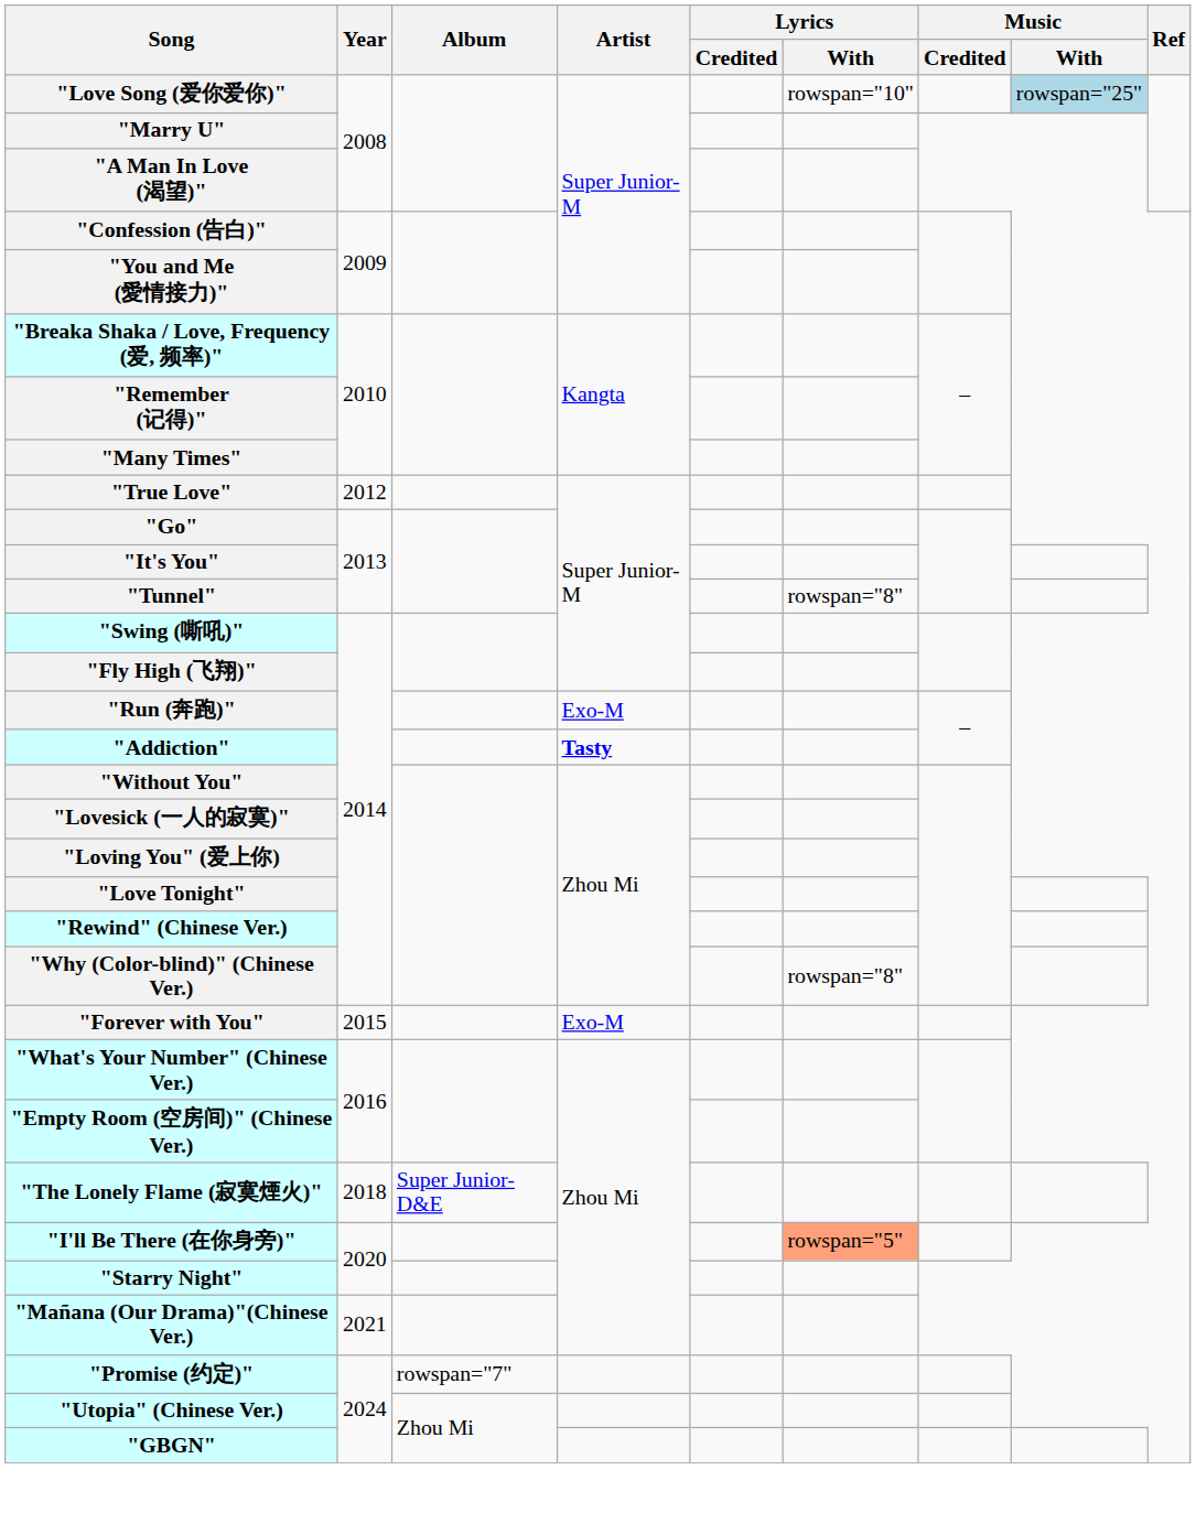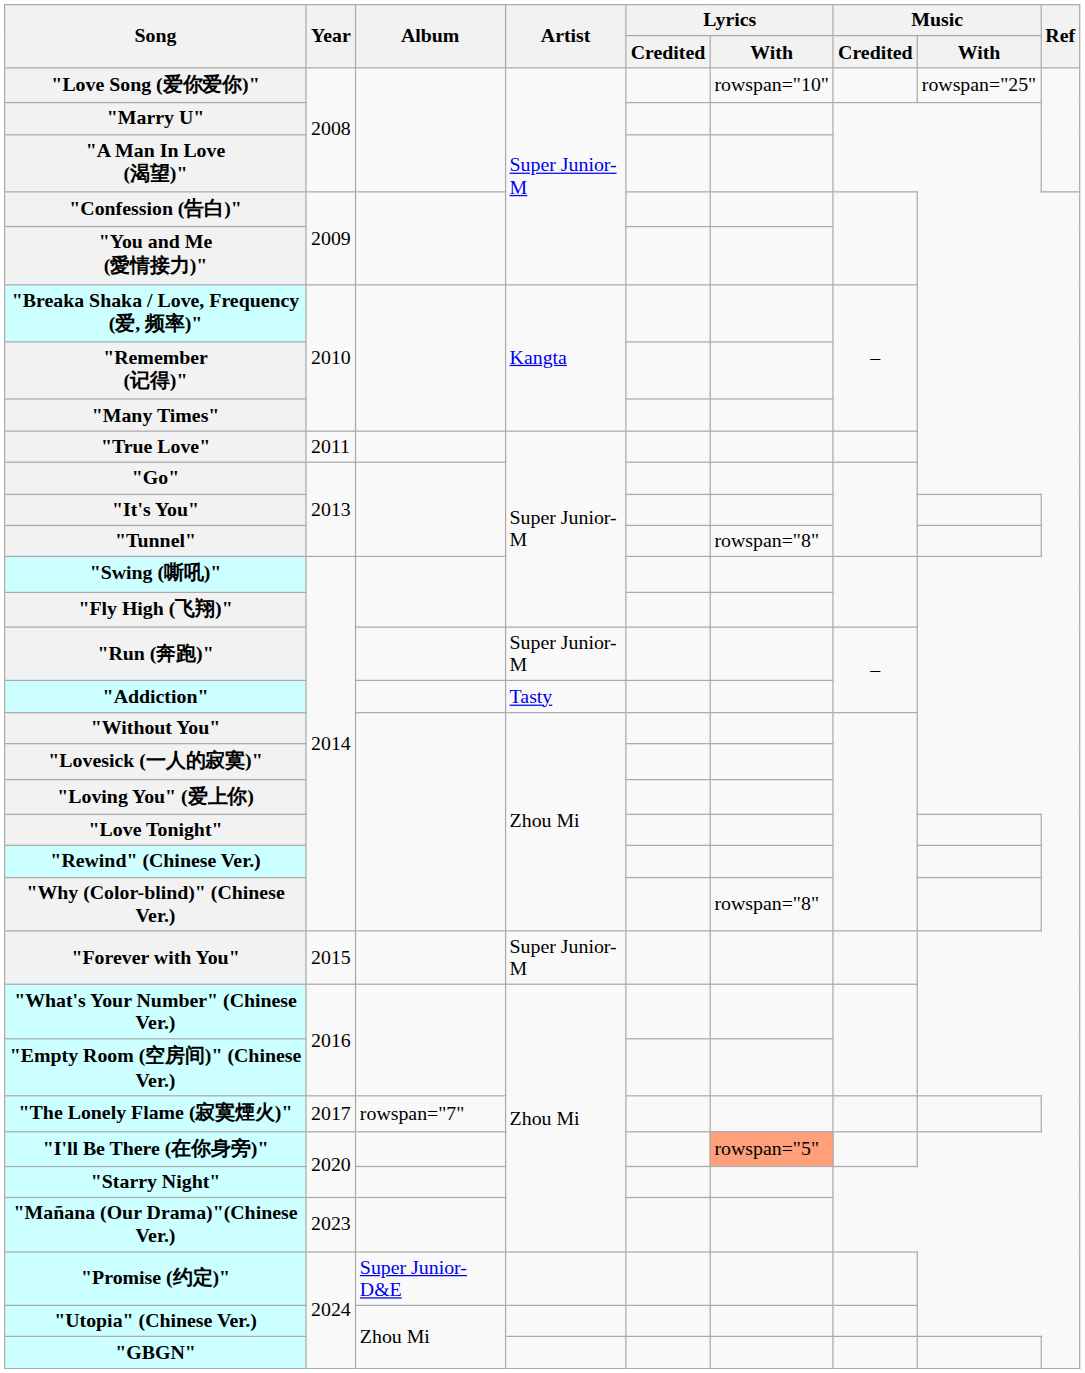 <table class="wikitable plainrowheaders sortable">
 <tr>
 <th rowspan="2">Song</th>
 <th rowspan="2">Year</th>
 <th rowspan="2">Album</th>
 <th rowspan="2">Artist</th>
 <th colspan="2">Lyrics</th>
 <th colspan="2">Music</th>
 <th rowspan="2">Ref</th>
 </tr>
 <tr>
 <th>Credited</th>
 <th>With</th>
 <th>Credited</th>
 <th>With</th>
 </tr>
 <tr>
 <th scope="row">"Love Song (爱你爱你)"</th>
 <td rowspan="3">2008</td>
 <td rowspan="3"></td>
 <td rowspan="5"><a href='#'>Super Junior-M</a></td>
 <td></td>
 <td>rowspan="10" </td>
 <td></td>
-<td style="background: lightblue;">rowspan="25" </td>
+<td>rowspan="25" </td>
 <td rowspan="3"></td>
 </tr>
 <tr>
 <th scope="row">"Marry U" </th>
 <td></td>
 <td></td>
 </tr>
 <tr>
 <th scope="row">"A Man In Love<br>(渴望)" </th>
 <td></td>
 <td></td>
 </tr>
 <tr>
 <th scope="row">"Confession (告白)"</th>
 <td rowspan="2">2009</td>
 <td rowspan="2"></td>
 <td></td>
 <td></td>
 <td rowspan="2"></td>
 </tr>
 <tr>
 <th scope="row">"You and Me<br>(愛情接力)"</th>
 <td></td>
 <td></td>
 </tr>
 <tr>
 <th scope="row" style="background-color:#CCFFFF">"Breaka Shaka / Love, Frequency<br>(爱, 频率)"</th>
 <td rowspan="3">2010</td>
 <td rowspan="3"></td>
 <td rowspan="3"><a href='#'>Kangta</a></td>
 <td></td>
 <td></td>
 <td rowspan="3" style="text-align:center">–</td>
 </tr>
 <tr>
 <th scope="row">"Remember<br>(记得)"</th>
 <td></td>
 <td></td>
 </tr>
 <tr>
 <th scope="row">"Many Times"</th>
 <td></td>
 <td></td>
 </tr>
 <tr>
 <th scope="row">"True Love"</th>
-<td>2012</td>
+<td>2011</td>
 <td></td>
 <td rowspan="6">Super Junior-M</td>
 <td></td>
 <td></td>
 <td rowspan="1"></td>
 </tr>
 <tr>
 <th scope="row">"Go"</th>
 <td rowspan="3">2013</td>
 <td rowspan="3"></td>
 <td></td>
 <td></td>
 <td rowspan="3"></td>
 </tr>
 <tr>
 <th scope="row">"It's You"</th>
 <td></td>
 <td></td>
 <td></td>
 </tr>
 <tr>
 <th scope="row">"Tunnel"</th>
 <td></td>
 <td>rowspan="8" </td>
 <td></td>
 </tr>
 <tr>
 <th scope="row" style="background-color:#CCFFFF">"Swing (嘶吼)"</th>
 <td rowspan="10">2014</td>
 <td rowspan="2"></td>
 <td></td>
 <td></td>
 <td rowspan="2"></td>
 </tr>
 <tr>
 <th scope="row">"Fly High (飞翔)"</th>
 <td></td>
 <td></td>
 </tr>
 <tr>
 <th scope="row">"Run (奔跑)"</th>
 <td></td>
-<td><a href='#'>Exo-M</a></td>
+<td>Super Junior-M</td>
 <td></td>
 <td></td>
 <td rowspan="2" style="text-align:center">–</td>
 </tr>
 <tr>
 <th scope="row" style="background-color:#CCFFFF">"Addiction"</th>
 <td></td>
-<td><strong><a href='#'>Tasty</a></strong></td>
+<td><a href='#'>Tasty</a></td>
 <td></td>
 <td></td>
 </tr>
 <tr>
 <th scope="row">"Without You"</th>
 <td rowspan="6"></td>
 <td rowspan="6">Zhou Mi</td>
 <td></td>
 <td></td>
 <td rowspan="6"></td>
 </tr>
 <tr>
 <th scope="row">"Lovesick (一人的寂寞)"</th>
 <td></td>
 <td></td>
 </tr>
 <tr>
 <th scope="row">"Loving You" (爱上你) <br></th>
 <td></td>
 <td></td>
 </tr>
 <tr>
 <th scope="row">"Love Tonight"<br></th>
 <td></td>
 <td></td>
 <td></td>
 </tr>
 <tr>
 <th scope="row" style="background-color:#CCFFFF">"Rewind" (Chinese Ver.) <br></th>
 <td></td>
 <td></td>
 <td></td>
 </tr>
 <tr>
 <th scope="row">"Why (Color-blind)" (Chinese Ver.)</th>
 <td></td>
 <td>rowspan="8" </td>
 <td></td>
 </tr>
 <tr>
 <th scope="row">"Forever with You"</th>
 <td>2015</td>
 <td></td>
-<td><a href='#'>Exo-M</a></td>
+<td>Super Junior-M</td>
 <td></td>
 <td></td>
 <td></td>
 </tr>
 <tr>
 <th scope="row" style="background-color:#CCFFFF">"What's Your Number" (Chinese Ver.)</th>
 <td rowspan="2">2016</td>
 <td rowspan="2"></td>
 <td rowspan="6">Zhou Mi</td>
 <td></td>
 <td></td>
 <td rowspan="2"></td>
 </tr>
 <tr>
 <th scope="row" style="background-color:#CCFFFF">"Empty Room (空房间)" (Chinese Ver.)</th>
 <td></td>
 <td></td>
 </tr>
 <tr>
 <th scope="row" style="background-color:#CCFFFF">"The Lonely Flame (寂寞煙火)"</th>
-<td>2018</td>
-<td><a href='#'>Super Junior-D&E</a></td>
+<td>2017</td>
+<td>rowspan="7" </td>
 <td></td>
 <td></td>
 <td></td>
 <td></td>
 </tr>
 <tr>
 <th scope="row" style="background-color:#CCFFFF">"I'll Be There (在你身旁)" <br></th>
 <td rowspan="2">2020</td>
 <td></td>
 <td></td>
 <td style="background: lightsalmon;">rowspan="5" </td>
 <td></td>
 </tr>
 <tr>
 <th scope="row" style="background-color:#CCFFFF">"Starry Night" <br></th>
 <td></td>
 <td></td>
 <td></td>
 </tr>
 <tr>
 <th scope="row" style="background-color:#CCFFFF">"Mañana (Our Drama)"(Chinese Ver.) <br></th>
-<td rowspan="1">2021</td>
+<td rowspan="1">2023</td>
 <td></td>
 <td></td>
 <td></td>
 </tr>
 <tr>
 <th scope="row" style="background-color:#CCFFFF">"Promise (约定)" <br></th>
 <td rowspan="3">2024</td>
-<td>rowspan="7" </td>
+<td><a href='#'>Super Junior-D&E</a></td>
 <td></td>
 <td></td>
 <td></td>
 <td></td>
 </tr>
 <tr>
 <th scope="row" style="background-color:#CCFFFF">"Utopia" (Chinese Ver.) <br></th>
 <td rowspan="2">Zhou Mi</td>
 <td></td>
 <td></td>
 <td></td>
 <td></td>
 </tr>
 <tr>
 <th scope="row" style="background-color:#CCFFFF">"GBGN" <br></th>
 <td></td>
 <td></td>
 <td></td>
 <td></td>
 <td></td>
 </tr>
 </table>
